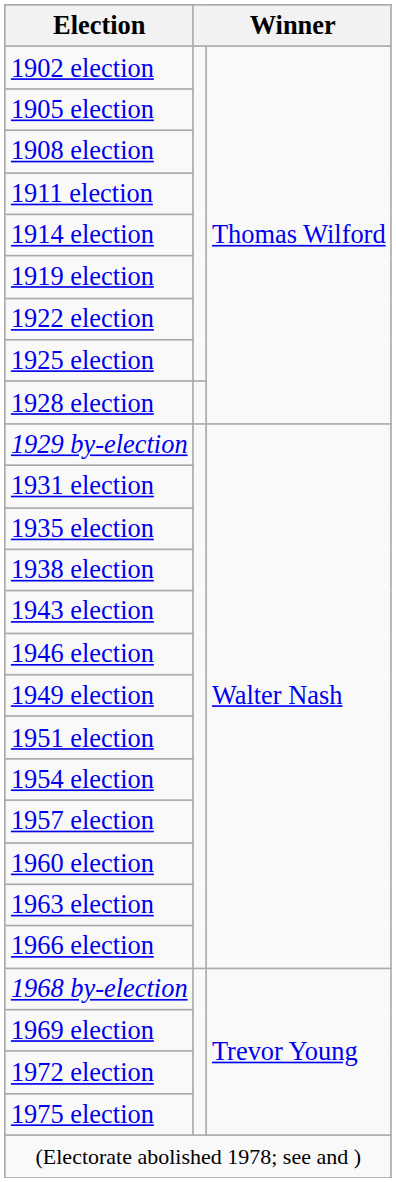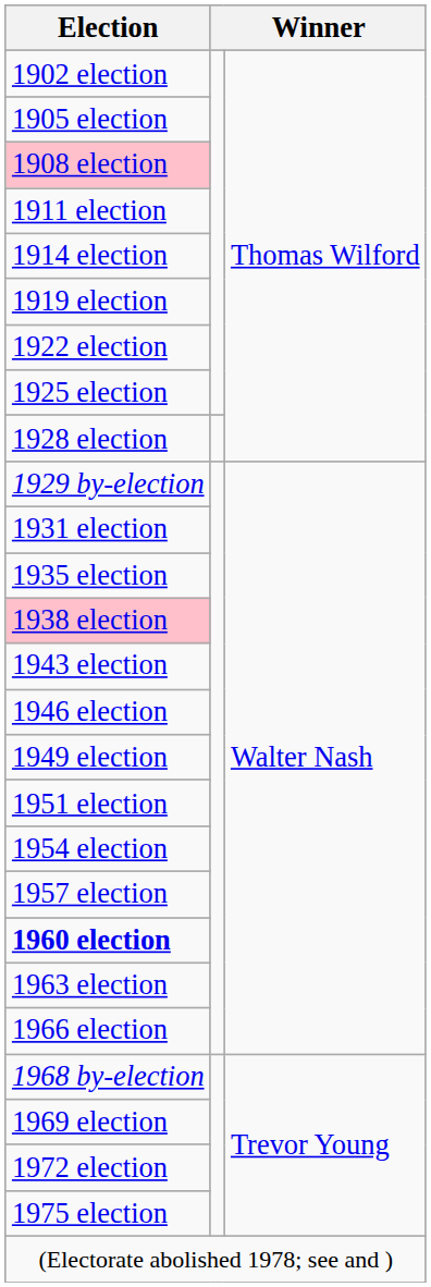 <table class="wikitable">
 <tr>
 <th>Election</th>
 <th colspan=2>Winner</th>
 </tr>
 <tr>
 <td><a href='#'>1902 election</a></td>
 <td rowspan=8 bgcolor=></td>
 <td rowspan=9><a href='#'>Thomas Wilford</a></td>
 </tr>
 <tr>
 <td><a href='#'>1905 election</a></td>
 </tr>
 <tr>
-<td><a href='#'>1908 election</a></td>
+<td style="background: pink;"><a href='#'>1908 election</a></td>
 </tr>
 <tr>
 <td><a href='#'>1911 election</a></td>
 </tr>
 <tr>
 <td><a href='#'>1914 election</a></td>
 </tr>
 <tr>
 <td><a href='#'>1919 election</a></td>
 </tr>
 <tr>
 <td><a href='#'>1922 election</a></td>
 </tr>
 <tr>
 <td><a href='#'>1925 election</a></td>
 </tr>
 <tr>
 <td><a href='#'>1928 election</a></td>
 <td rowspan=1 bgcolor=></td>
 </tr>
 <tr>
 <td><span><em><a href='#'>1929 by-election</a></em></span></td>
 <td rowspan=13 bgcolor=></td>
 <td rowspan=13><a href='#'>Walter Nash</a></td>
 </tr>
 <tr>
 <td><a href='#'>1931 election</a></td>
 </tr>
 <tr>
 <td><a href='#'>1935 election</a></td>
 </tr>
 <tr>
-<td><a href='#'>1938 election</a></td>
+<td style="background: pink;"><a href='#'>1938 election</a></td>
 </tr>
 <tr>
 <td><a href='#'>1943 election</a></td>
 </tr>
 <tr>
 <td><a href='#'>1946 election</a></td>
 </tr>
 <tr>
 <td><a href='#'>1949 election</a></td>
 </tr>
 <tr>
 <td><a href='#'>1951 election</a></td>
 </tr>
 <tr>
 <td><a href='#'>1954 election</a></td>
 </tr>
 <tr>
 <td><a href='#'>1957 election</a></td>
 </tr>
 <tr>
-<td><a href='#'>1960 election</a></td>
+<td><strong><a href='#'>1960 election</a></strong></td>
 </tr>
 <tr>
 <td><a href='#'>1963 election</a></td>
 </tr>
 <tr>
 <td><a href='#'>1966 election</a></td>
 </tr>
 <tr>
 <td><span><em><a href='#'>1968 by-election</a></em></span></td>
 <td rowspan=4 bgcolor=></td>
 <td rowspan=4><a href='#'>Trevor Young</a></td>
 </tr>
 <tr>
 <td><a href='#'>1969 election</a></td>
 </tr>
 <tr>
 <td><a href='#'>1972 election</a></td>
 </tr>
 <tr>
 <td><a href='#'>1975 election</a></td>
 </tr>
 <tr>
 <td colspan=3 align=center><small>(Electorate abolished 1978; see  and )</small></td>
 </tr>
 </table>
